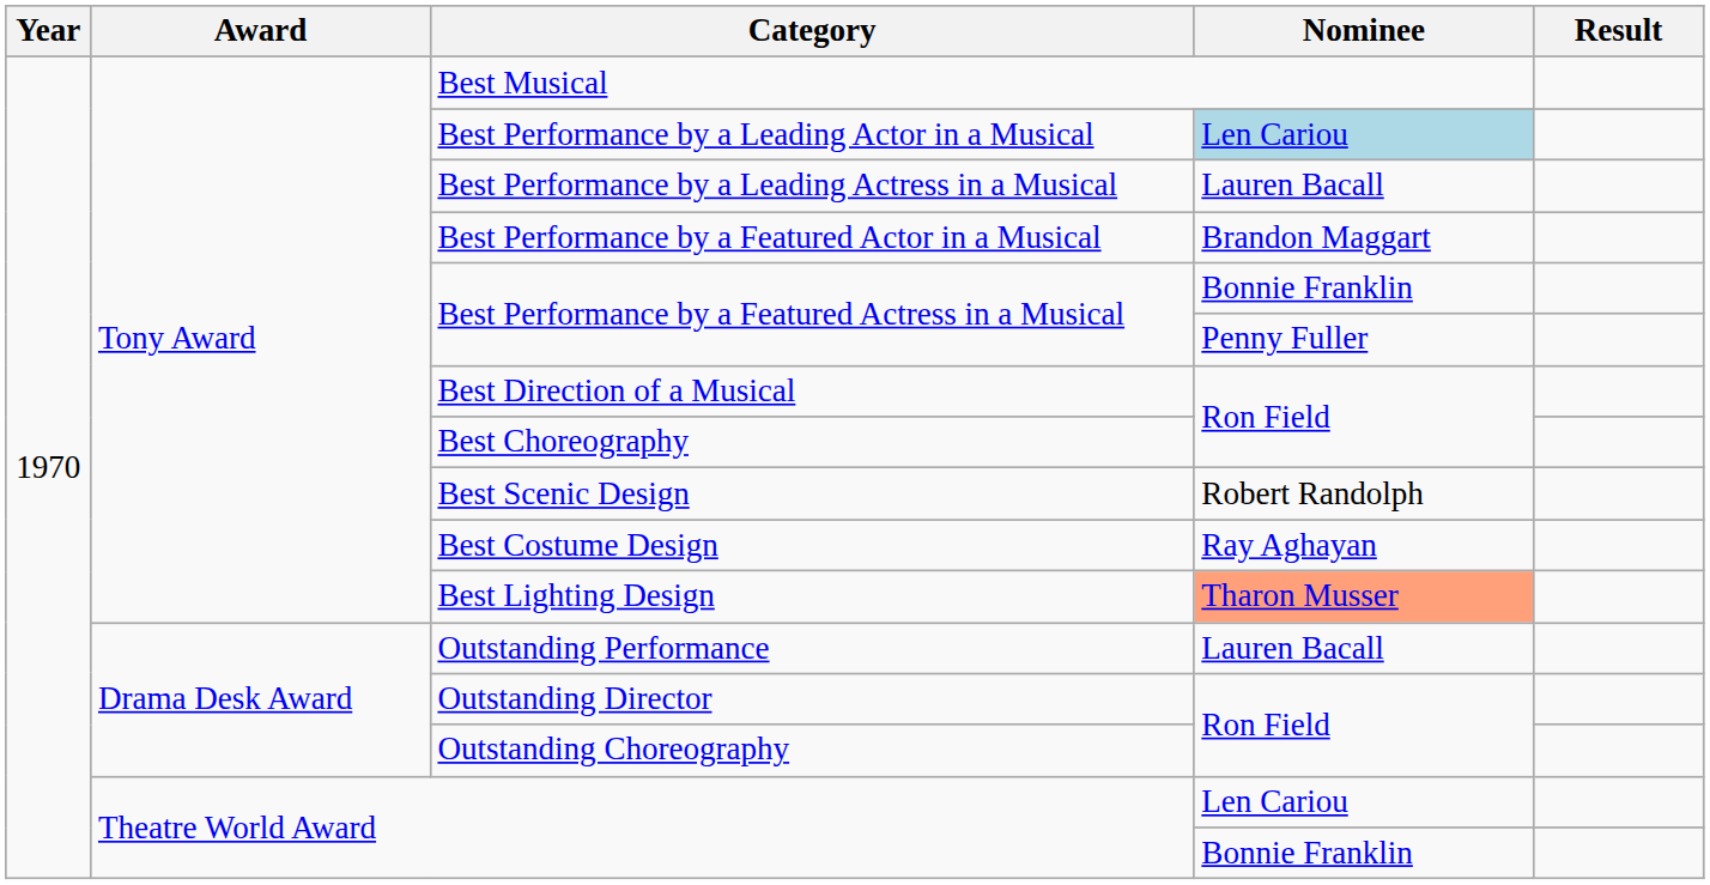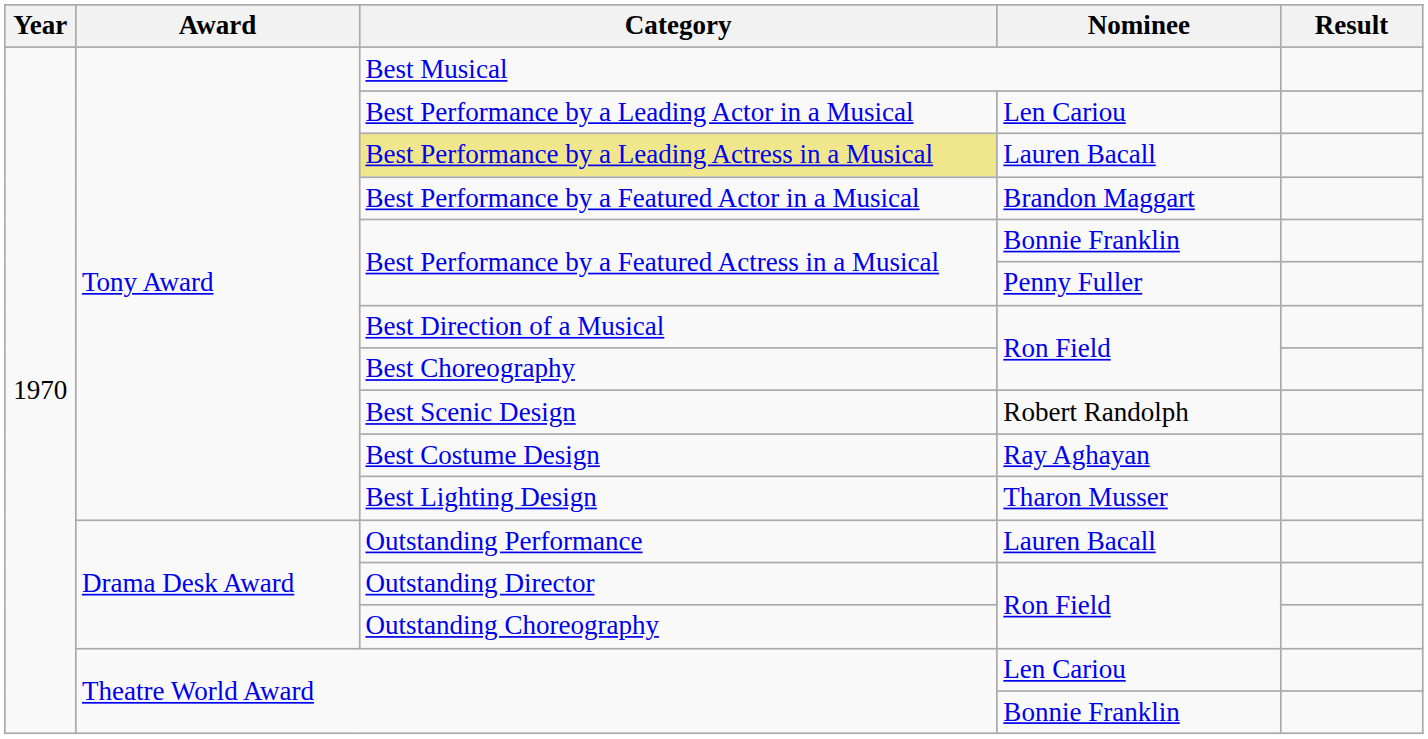 <table class="wikitable" width="95%">
 <tr>
 <th width="5%">Year</th>
 <th width="20%">Award</th>
 <th width="45%">Category</th>
 <th width="20%">Nominee</th>
 <th width="10%">Result</th>
 </tr>
 <tr>
 <td rowspan="16" align="center">1970</td>
 <td rowspan="11"><a href='#'>Tony Award</a></td>
 <td colspan="2"><a href='#'>Best Musical</a></td>
 <td></td>
 </tr>
 <tr>
 <td><a href='#'>Best Performance by a Leading Actor in a Musical</a></td>
-<td style="background: lightblue;"><a href='#'>Len Cariou</a></td>
+<td><a href='#'>Len Cariou</a></td>
 <td></td>
 </tr>
 <tr>
-<td><a href='#'>Best Performance by a Leading Actress in a Musical</a></td>
+<td style="background: khaki;"><a href='#'>Best Performance by a Leading Actress in a Musical</a></td>
 <td><a href='#'>Lauren Bacall</a></td>
 <td></td>
 </tr>
 <tr>
 <td><a href='#'>Best Performance by a Featured Actor in a Musical</a></td>
 <td><a href='#'>Brandon Maggart</a></td>
 <td></td>
 </tr>
 <tr>
 <td rowspan="2"><a href='#'>Best Performance by a Featured Actress in a Musical</a></td>
 <td><a href='#'>Bonnie Franklin</a></td>
 <td></td>
 </tr>
 <tr>
 <td><a href='#'>Penny Fuller</a></td>
 <td></td>
 </tr>
 <tr>
 <td><a href='#'>Best Direction of a Musical</a></td>
 <td rowspan="2"><a href='#'>Ron Field</a></td>
 <td></td>
 </tr>
 <tr>
 <td><a href='#'>Best Choreography</a></td>
 <td></td>
 </tr>
 <tr>
 <td><a href='#'>Best Scenic Design</a></td>
 <td>Robert Randolph</td>
 <td></td>
 </tr>
 <tr>
 <td><a href='#'>Best Costume Design</a></td>
 <td><a href='#'>Ray Aghayan</a></td>
 <td></td>
 </tr>
 <tr>
 <td><a href='#'>Best Lighting Design</a></td>
-<td style="background: lightsalmon;"><a href='#'>Tharon Musser</a></td>
+<td><a href='#'>Tharon Musser</a></td>
 <td></td>
 </tr>
 <tr>
 <td rowspan="3"><a href='#'>Drama Desk Award</a></td>
 <td><a href='#'>Outstanding Performance</a></td>
 <td><a href='#'>Lauren Bacall</a></td>
 <td></td>
 </tr>
 <tr>
 <td><a href='#'>Outstanding Director</a></td>
 <td rowspan="2"><a href='#'>Ron Field</a></td>
 <td></td>
 </tr>
 <tr>
 <td><a href='#'>Outstanding Choreography</a></td>
 <td></td>
 </tr>
 <tr>
 <td rowspan="2" colspan="2"><a href='#'>Theatre World Award</a></td>
 <td><a href='#'>Len Cariou</a></td>
 <td></td>
 </tr>
 <tr>
 <td><a href='#'>Bonnie Franklin</a></td>
 <td></td>
 </tr>
 </table>
